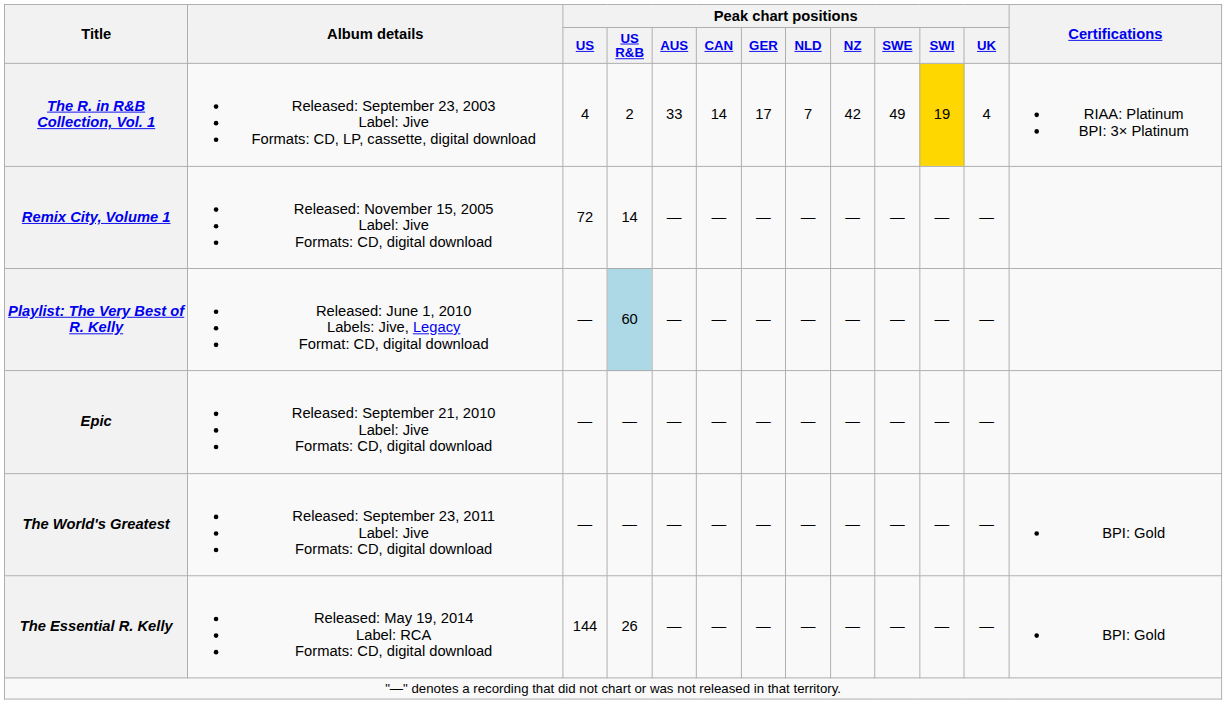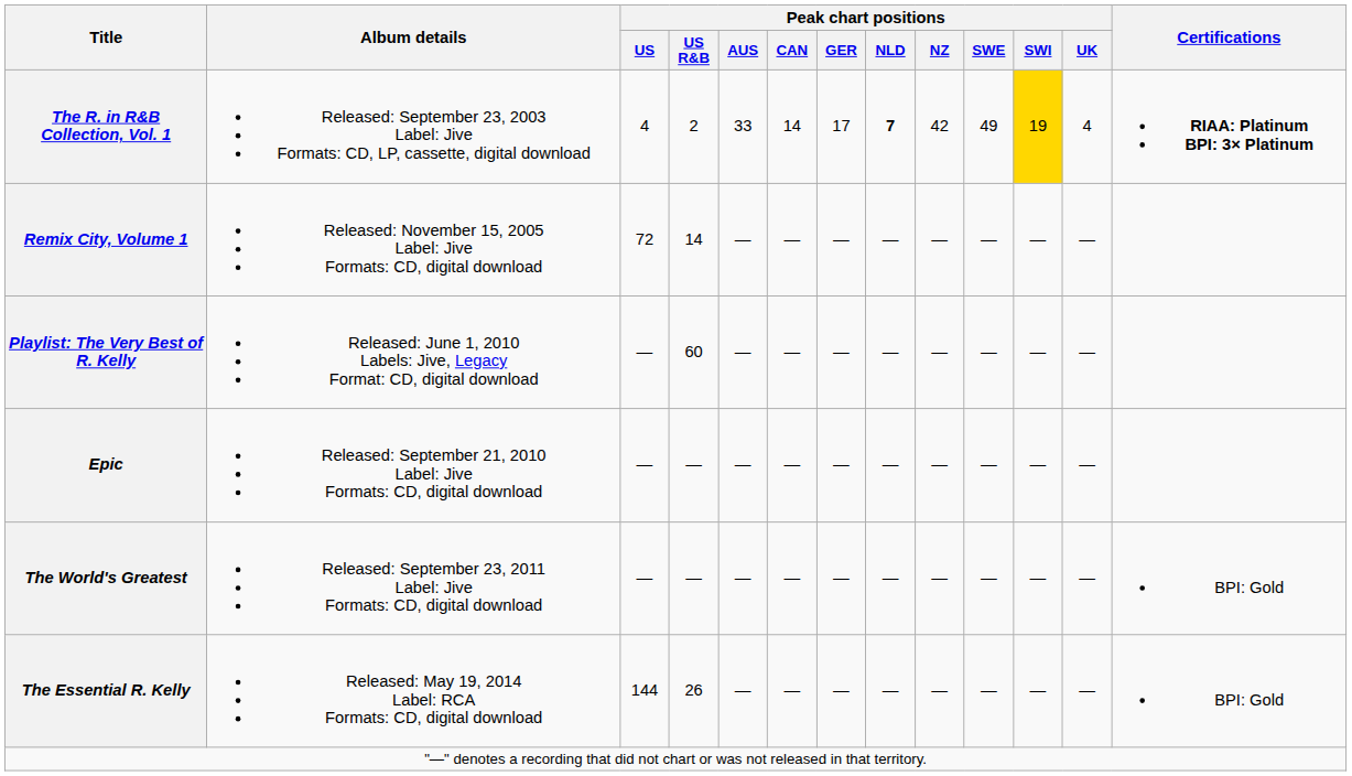 <table class="wikitable plainrowheaders" style="text-align:center;" border="1">
 <tr>
 <th scope="col" rowspan="2" style="width:12em;">Title</th>
 <th scope="col" rowspan="2" style="width:25em;">Album details</th>
 <th scope="col" colspan="10">Peak chart positions</th>
 <th scope="col" rowspan="2" style="width:14em;"><a href='#'>Certifications</a></th>
 </tr>
 <tr>
 <th scope="col" style="width:2.9em;font-size:90%;"><a href='#'>US</a><br></th>
 <th scope="col" style="width:2.9em;font-size:90%;"><a href='#'>US<br>R&B</a><br></th>
 <th scope="col" style="width:2.9em;font-size:90%;"><a href='#'>AUS</a><br></th>
 <th scope="col" style="width:2.9em;font-size:90%;"><a href='#'>CAN</a><br></th>
 <th scope="col" style="width:2.9em;font-size:90%;"><a href='#'>GER</a><br></th>
 <th scope="col" style="width:2.9em;font-size:90%;"><a href='#'>NLD</a><br></th>
 <th scope="col" style="width:2.9em;font-size:90%;"><a href='#'>NZ</a><br></th>
 <th scope="col" style="width:2.9em;font-size:90%;"><a href='#'>SWE</a><br></th>
 <th scope="col" style="width:2.9em;font-size:90%;"><a href='#'>SWI</a><br></th>
 <th scope="col" style="width:2.9em;font-size:90%;"><a href='#'>UK</a><br></th>
 </tr>
 <tr>
 <th scope="row"><em><a href='#'>The R. in R&B Collection, Vol. 1</a></em></th>
 <td><br><ul><li>Released: September 23, 2003</li><li>Label: Jive</li><li>Formats: CD, LP, cassette, digital download</li></ul></td>
 <td>4</td>
 <td>2</td>
 <td>33</td>
 <td>14</td>
 <td>17</td>
-<td>7</td>
+<td><strong>7</strong></td>
 <td>42</td>
 <td>49</td>
 <td style="background: gold;">19</td>
 <td>4</td>
-<td><br><ul><li>RIAA: Platinum</li><li>BPI: 3× Platinum</li></ul></td>
+<td><strong><br><ul><li>RIAA: Platinum</li><li>BPI: 3× Platinum</li></ul></strong></td>
 </tr>
 <tr>
 <th scope="row"><em><a href='#'>Remix City, Volume 1</a></em></th>
 <td><br><ul><li>Released: November 15, 2005</li><li>Label: Jive</li><li>Formats: CD, digital download</li></ul></td>
 <td>72</td>
 <td>14</td>
 <td>—</td>
 <td>—</td>
 <td>—</td>
 <td>—</td>
 <td>—</td>
 <td>—</td>
 <td>—</td>
 <td>—</td>
 <td></td>
 </tr>
 <tr>
 <th scope="row"><em><a href='#'>Playlist: The Very Best of R. Kelly</a></em></th>
 <td><br><ul><li>Released: June 1, 2010</li><li>Labels: Jive, <a href='#'>Legacy</a></li><li>Format: CD, digital download</li></ul></td>
 <td>—</td>
-<td style="background: lightblue;">60</td>
+<td>60</td>
 <td>—</td>
 <td>—</td>
 <td>—</td>
 <td>—</td>
 <td>—</td>
 <td>—</td>
 <td>—</td>
 <td>—</td>
 <td></td>
 </tr>
 <tr>
 <th scope="row"><em>Epic</em></th>
 <td><br><ul><li>Released: September 21, 2010</li><li>Label: Jive</li><li>Formats: CD, digital download</li></ul></td>
 <td>—</td>
 <td>—</td>
 <td>—</td>
 <td>—</td>
 <td>—</td>
 <td>—</td>
 <td>—</td>
 <td>—</td>
 <td>—</td>
 <td>—</td>
 <td></td>
 </tr>
 <tr>
 <th scope="row"><em>The World's Greatest</em></th>
 <td><br><ul><li>Released: September 23, 2011</li><li>Label: Jive</li><li>Formats: CD, digital download</li></ul></td>
 <td>—</td>
 <td>—</td>
 <td>—</td>
 <td>—</td>
 <td>—</td>
 <td>—</td>
 <td>—</td>
 <td>—</td>
 <td>—</td>
 <td>—</td>
 <td><br><ul><li>BPI: Gold</li></ul></td>
 </tr>
 <tr>
 <th scope="row"><em>The Essential R. Kelly</em></th>
 <td><br><ul><li>Released: May 19, 2014</li><li>Label: RCA</li><li>Formats: CD, digital download</li></ul></td>
 <td>144</td>
 <td>26</td>
 <td>—</td>
 <td>—</td>
 <td>—</td>
 <td>—</td>
 <td>—</td>
 <td>—</td>
 <td>—</td>
 <td>—</td>
 <td><br><ul><li>BPI: Gold</li></ul></td>
 </tr>
 <tr>
 <td colspan="14" style="font-size:90%">"—" denotes a recording that did not chart or was not released in that territory.</td>
 </tr>
 </table>
